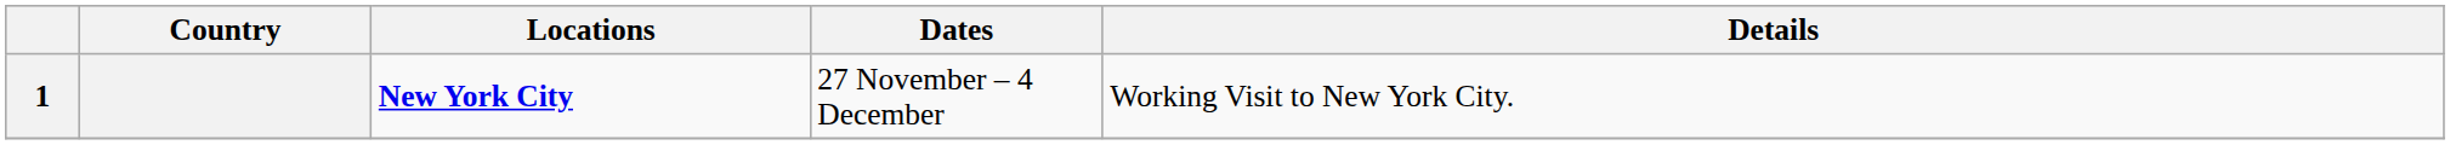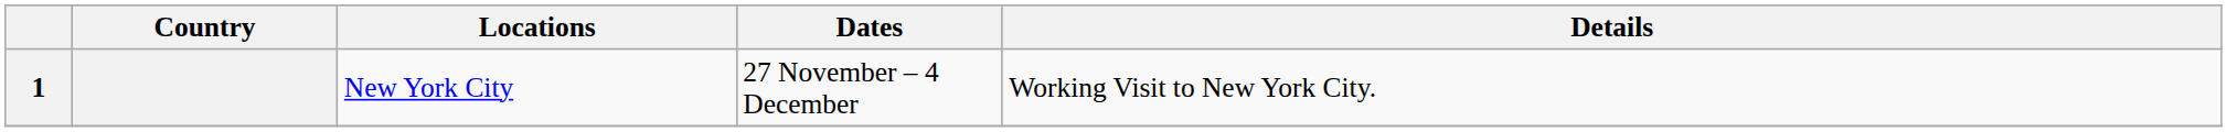 <table class="wikitable sortable" border="1" style="margin: 1em auto 1em auto">
 <tr>
 <th scope="col" style="width: 3%;"></th>
 <th scope="col" style="width: 12%;">Country</th>
 <th scope="col" style="width: 18%;">Locations</th>
 <th scope="col" style="width: 12%;">Dates</th>
 <th scope="col" style="width: 58%;" class="unsortable">Details</th>
 </tr>
 <tr>
 <th scope="row">1</th>
 <th scope="row"></th>
-<td><strong><a href='#'>New York City</a></strong></td>
+<td><a href='#'>New York City</a></td>
 <td>27 November – 4 December</td>
 <td>Working Visit to New York City.</td>
 </tr>
 <tr>
 </tr>
 </table>
